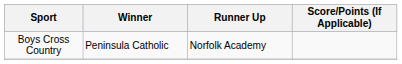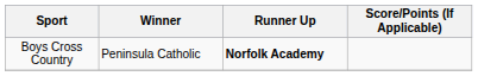 <table class="wikitable" style="width: 100%">
 <tr style="background:#A8BDEC;">
 <th width=15%>Sport</th>
 <th width=20%>Winner</th>
 <th width=20%>Runner Up</th>
 <th width=20%>Score/Points (If Applicable)</th>
 </tr>
 <tr>
 <td align=center>Boys Cross Country</td>
 <td>Peninsula Catholic</td>
-<td>Norfolk Academy</td>
+<td><strong>Norfolk Academy</strong></td>
 <td></td>
 </tr>
 <tr>
 </tr>
 </table>
